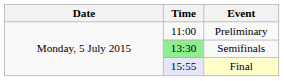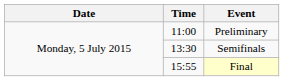 <table class = "wikitable" style="text-align:center;">
 <tr>
 <th width=220>Date</th>
 <th width=50>Time</th>
 <th width=100>Event</th>
 </tr>
 <tr>
 <td rowspan=3>Monday, 5 July 2015</td>
 <td>11:00</td>
 <td>Preliminary</td>
 </tr>
 <tr>
-<td style="background: lightgreen;">13:30</td>
+<td>13:30</td>
 <td>Semifinals</td>
 </tr>
 <tr>
-<td style="background: lavender;">15:55</td>
+<td>15:55</td>
 <td bgcolor=ffffcc>Final</td>
 </tr>
 </table>
